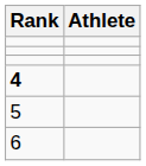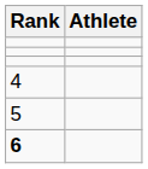 <table class="wikitable" style="text-align:left">
 <tr>
 <th>Rank</th>
 <th>Athlete</th>
 </tr>
 <tr>
 <td></td>
 <td></td>
 </tr>
 <tr>
 <td></td>
 <td></td>
 </tr>
 <tr>
 <td></td>
 <td></td>
 </tr>
 <tr>
-<td><strong>4</strong></td>
+<td>4</td>
 <td></td>
 </tr>
 <tr>
 <td>5</td>
 <td></td>
 </tr>
 <tr>
-<td>6</td>
+<td><strong>6</strong></td>
 <td></td>
 </tr>
 </table>
